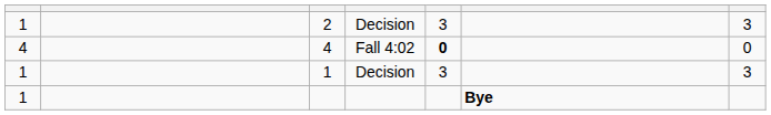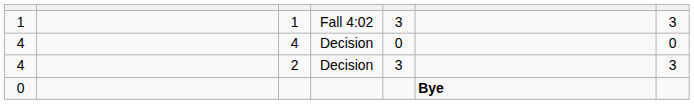 <table class="wikitable" style="text-align: center;">
 <tr>
 <th width=30></th>
 <th width=270></th>
 <th width=30></th>
 <th width=75></th>
 <th width=30></th>
 <th width=270></th>
 <th width=30></th>
 </tr>
 <tr>
 <td>1</td>
 <td align=left><strong></strong></td>
-<td>2</td>
-<td>Decision</td>
+<td>1</td>
+<td>Fall 4:02</td>
 <td>3</td>
 <td align=left></td>
 <td>3</td>
 </tr>
 <tr>
 <td>4</td>
 <td align=left></td>
 <td>4</td>
-<td>Fall 4:02</td>
-<td><strong>0</strong></td>
+<td>Decision</td>
+<td>0</td>
 <td align=left><strong></strong></td>
 <td>0</td>
 </tr>
 <tr>
-<td>1</td>
+<td>4</td>
 <td align=left><strong></strong></td>
-<td>1</td>
+<td>2</td>
 <td>Decision</td>
 <td>3</td>
 <td align=left></td>
 <td>3</td>
 </tr>
 <tr>
-<td>1</td>
+<td>0</td>
 <td align=left><strong></strong></td>
 <td></td>
 <td></td>
 <td></td>
 <td align=left><strong>Bye</strong></td>
 <td></td>
 </tr>
 </table>
